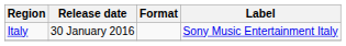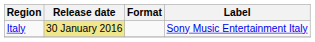 <table class="wikitable">
 <tr>
 <th>Region</th>
 <th>Release date</th>
 <th>Format</th>
 <th>Label</th>
 </tr>
 <tr>
 <td><a href='#'>Italy</a></td>
-<td>30 January 2016</td>
+<td style="background: khaki;">30 January 2016</td>
 <td></td>
 <td><a href='#'>Sony Music Entertainment Italy</a></td>
 </tr>
 <tr>
 </tr>
 </table>
